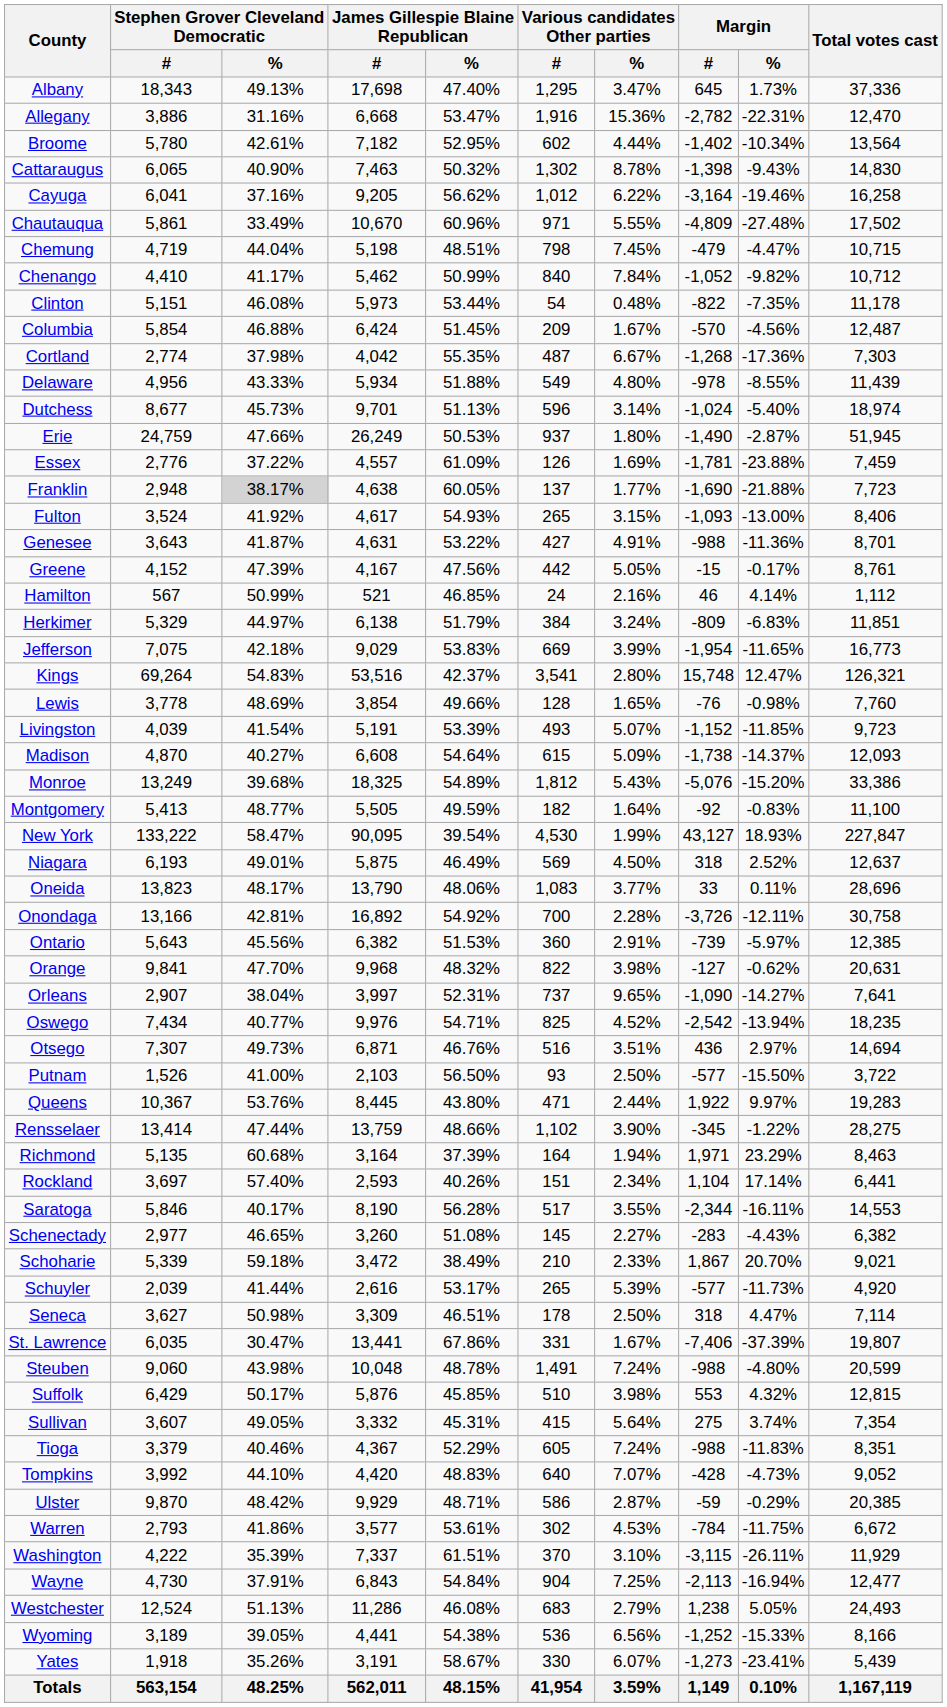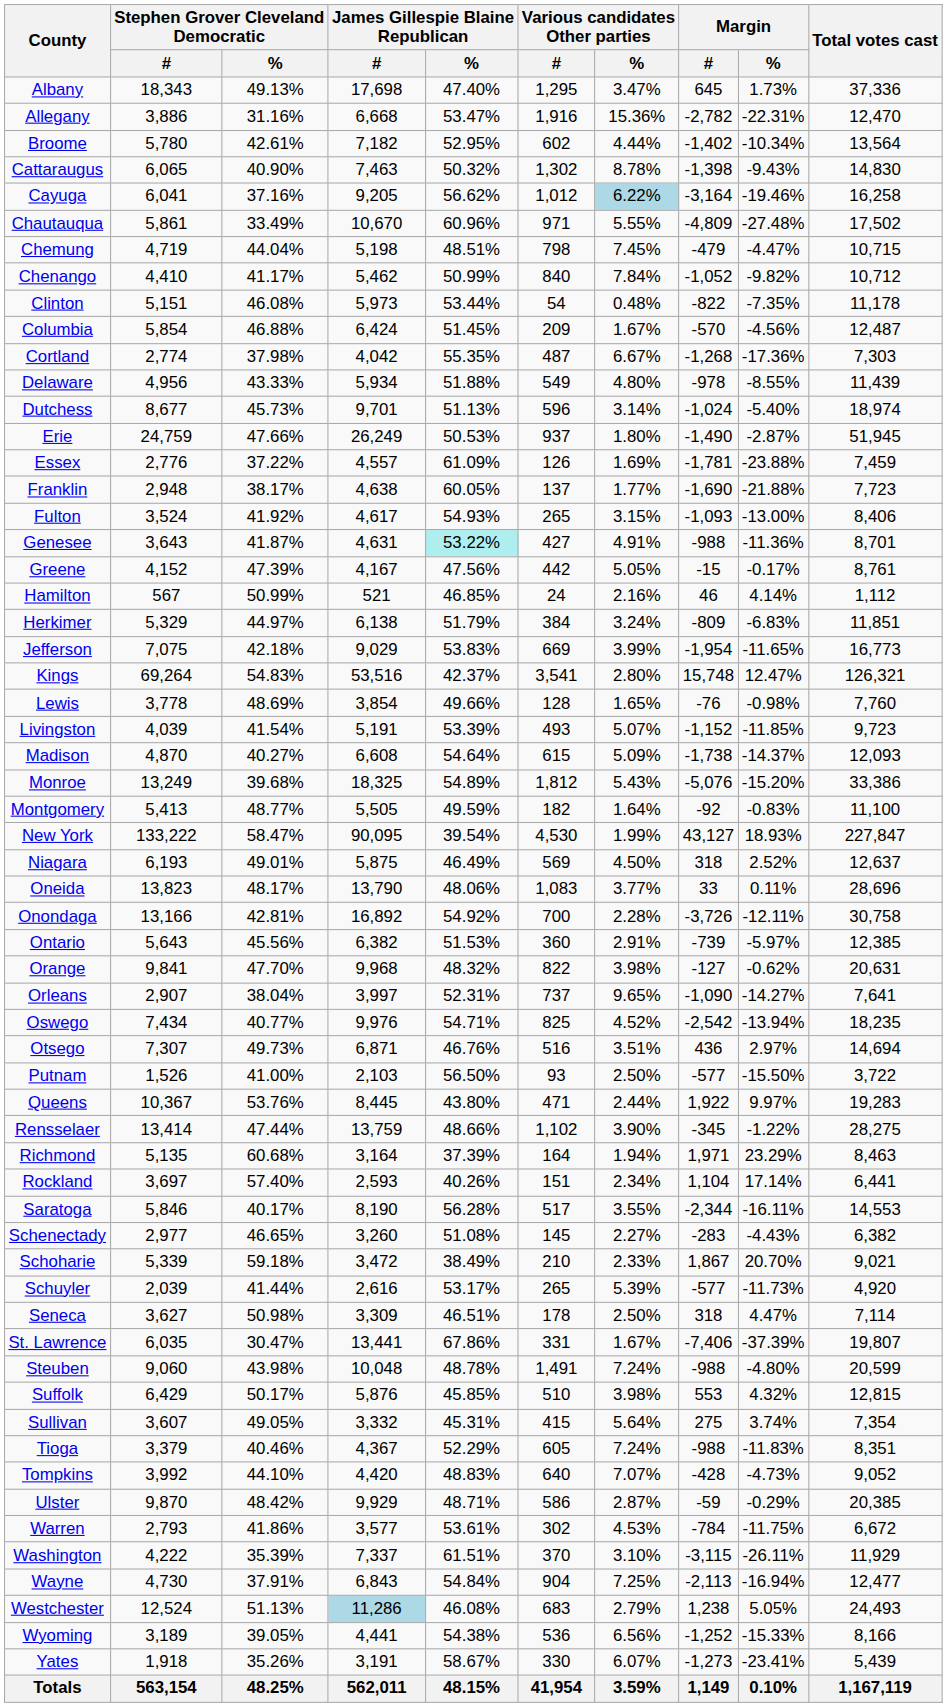 <table class="wikitable sortable">
 <tr>
 <th rowspan="2">County</th>
 <th colspan="2">Stephen Grover Cleveland<br>Democratic</th>
 <th colspan="2">James Gillespie Blaine<br>Republican</th>
 <th colspan="2">Various candidates<br>Other parties</th>
 <th colspan="2">Margin</th>
 <th rowspan="2" data-sort-type="number">Total votes cast</th>
 </tr>
 <tr>
 <th data-sort-type="number">#</th>
 <th data-sort-type="number">%</th>
 <th data-sort-type="number">#</th>
 <th data-sort-type="number">%</th>
 <th data-sort-type="number">#</th>
 <th data-sort-type="number">%</th>
 <th data-sort-type="number">#</th>
 <th data-sort-type="number">%</th>
 </tr>
 <tr style="text-align:center;">
 <td><a href='#'>Albany</a></td>
 <td>18,343</td>
 <td>49.13%</td>
 <td>17,698</td>
 <td>47.40%</td>
 <td>1,295</td>
 <td>3.47%</td>
 <td>645</td>
 <td>1.73%</td>
 <td>37,336</td>
 </tr>
 <tr style="text-align:center;">
 <td><a href='#'>Allegany</a></td>
 <td>3,886</td>
 <td>31.16%</td>
 <td>6,668</td>
 <td>53.47%</td>
 <td>1,916</td>
 <td>15.36%</td>
 <td>-2,782</td>
 <td>-22.31%</td>
 <td>12,470</td>
 </tr>
 <tr style="text-align:center;">
 <td><a href='#'>Broome</a></td>
 <td>5,780</td>
 <td>42.61%</td>
 <td>7,182</td>
 <td>52.95%</td>
 <td>602</td>
 <td>4.44%</td>
 <td>-1,402</td>
 <td>-10.34%</td>
 <td>13,564</td>
 </tr>
 <tr style="text-align:center;">
 <td><a href='#'>Cattaraugus</a></td>
 <td>6,065</td>
 <td>40.90%</td>
 <td>7,463</td>
 <td>50.32%</td>
 <td>1,302</td>
 <td>8.78%</td>
 <td>-1,398</td>
 <td>-9.43%</td>
 <td>14,830</td>
 </tr>
 <tr style="text-align:center;">
 <td><a href='#'>Cayuga</a></td>
 <td>6,041</td>
 <td>37.16%</td>
 <td>9,205</td>
 <td>56.62%</td>
 <td>1,012</td>
-<td>6.22%</td>
+<td style="background: lightblue;">6.22%</td>
 <td>-3,164</td>
 <td>-19.46%</td>
 <td>16,258</td>
 </tr>
 <tr style="text-align:center;">
 <td><a href='#'>Chautauqua</a></td>
 <td>5,861</td>
 <td>33.49%</td>
 <td>10,670</td>
 <td>60.96%</td>
 <td>971</td>
 <td>5.55%</td>
 <td>-4,809</td>
 <td>-27.48%</td>
 <td>17,502</td>
 </tr>
 <tr style="text-align:center;">
 <td><a href='#'>Chemung</a></td>
 <td>4,719</td>
 <td>44.04%</td>
 <td>5,198</td>
 <td>48.51%</td>
 <td>798</td>
 <td>7.45%</td>
 <td>-479</td>
 <td>-4.47%</td>
 <td>10,715</td>
 </tr>
 <tr style="text-align:center;">
 <td><a href='#'>Chenango</a></td>
 <td>4,410</td>
 <td>41.17%</td>
 <td>5,462</td>
 <td>50.99%</td>
 <td>840</td>
 <td>7.84%</td>
 <td>-1,052</td>
 <td>-9.82%</td>
 <td>10,712</td>
 </tr>
 <tr style="text-align:center;">
 <td><a href='#'>Clinton</a></td>
 <td>5,151</td>
 <td>46.08%</td>
 <td>5,973</td>
 <td>53.44%</td>
 <td>54</td>
 <td>0.48%</td>
 <td>-822</td>
 <td>-7.35%</td>
 <td>11,178</td>
 </tr>
 <tr style="text-align:center;">
 <td><a href='#'>Columbia</a></td>
 <td>5,854</td>
 <td>46.88%</td>
 <td>6,424</td>
 <td>51.45%</td>
 <td>209</td>
 <td>1.67%</td>
 <td>-570</td>
 <td>-4.56%</td>
 <td>12,487</td>
 </tr>
 <tr style="text-align:center;">
 <td><a href='#'>Cortland</a></td>
 <td>2,774</td>
 <td>37.98%</td>
 <td>4,042</td>
 <td>55.35%</td>
 <td>487</td>
 <td>6.67%</td>
 <td>-1,268</td>
 <td>-17.36%</td>
 <td>7,303</td>
 </tr>
 <tr style="text-align:center;">
 <td><a href='#'>Delaware</a></td>
 <td>4,956</td>
 <td>43.33%</td>
 <td>5,934</td>
 <td>51.88%</td>
 <td>549</td>
 <td>4.80%</td>
 <td>-978</td>
 <td>-8.55%</td>
 <td>11,439</td>
 </tr>
 <tr style="text-align:center;">
 <td><a href='#'>Dutchess</a></td>
 <td>8,677</td>
 <td>45.73%</td>
 <td>9,701</td>
 <td>51.13%</td>
 <td>596</td>
 <td>3.14%</td>
 <td>-1,024</td>
 <td>-5.40%</td>
 <td>18,974</td>
 </tr>
 <tr style="text-align:center;">
 <td><a href='#'>Erie</a></td>
 <td>24,759</td>
 <td>47.66%</td>
 <td>26,249</td>
 <td>50.53%</td>
 <td>937</td>
 <td>1.80%</td>
 <td>-1,490</td>
 <td>-2.87%</td>
 <td>51,945</td>
 </tr>
 <tr style="text-align:center;">
 <td><a href='#'>Essex</a></td>
 <td>2,776</td>
 <td>37.22%</td>
 <td>4,557</td>
 <td>61.09%</td>
 <td>126</td>
 <td>1.69%</td>
 <td>-1,781</td>
 <td>-23.88%</td>
 <td>7,459</td>
 </tr>
 <tr style="text-align:center;">
 <td><a href='#'>Franklin</a></td>
 <td>2,948</td>
-<td style="background: lightgrey;">38.17%</td>
+<td>38.17%</td>
 <td>4,638</td>
 <td>60.05%</td>
 <td>137</td>
 <td>1.77%</td>
 <td>-1,690</td>
 <td>-21.88%</td>
 <td>7,723</td>
 </tr>
 <tr style="text-align:center;">
 <td><a href='#'>Fulton</a></td>
 <td>3,524</td>
 <td>41.92%</td>
 <td>4,617</td>
 <td>54.93%</td>
 <td>265</td>
 <td>3.15%</td>
 <td>-1,093</td>
 <td>-13.00%</td>
 <td>8,406</td>
 </tr>
 <tr style="text-align:center;">
 <td><a href='#'>Genesee</a></td>
 <td>3,643</td>
 <td>41.87%</td>
 <td>4,631</td>
-<td>53.22%</td>
+<td style="background: paleturquoise;">53.22%</td>
 <td>427</td>
 <td>4.91%</td>
 <td>-988</td>
 <td>-11.36%</td>
 <td>8,701</td>
 </tr>
 <tr style="text-align:center;">
 <td><a href='#'>Greene</a></td>
 <td>4,152</td>
 <td>47.39%</td>
 <td>4,167</td>
 <td>47.56%</td>
 <td>442</td>
 <td>5.05%</td>
 <td>-15</td>
 <td>-0.17%</td>
 <td>8,761</td>
 </tr>
 <tr style="text-align:center;">
 <td><a href='#'>Hamilton</a></td>
 <td>567</td>
 <td>50.99%</td>
 <td>521</td>
 <td>46.85%</td>
 <td>24</td>
 <td>2.16%</td>
 <td>46</td>
 <td>4.14%</td>
 <td>1,112</td>
 </tr>
 <tr style="text-align:center;">
 <td><a href='#'>Herkimer</a></td>
 <td>5,329</td>
 <td>44.97%</td>
 <td>6,138</td>
 <td>51.79%</td>
 <td>384</td>
 <td>3.24%</td>
 <td>-809</td>
 <td>-6.83%</td>
 <td>11,851</td>
 </tr>
 <tr style="text-align:center;">
 <td><a href='#'>Jefferson</a></td>
 <td>7,075</td>
 <td>42.18%</td>
 <td>9,029</td>
 <td>53.83%</td>
 <td>669</td>
 <td>3.99%</td>
 <td>-1,954</td>
 <td>-11.65%</td>
 <td>16,773</td>
 </tr>
 <tr style="text-align:center;">
 <td><a href='#'>Kings</a></td>
 <td>69,264</td>
 <td>54.83%</td>
 <td>53,516</td>
 <td>42.37%</td>
 <td>3,541</td>
 <td>2.80%</td>
 <td>15,748</td>
 <td>12.47%</td>
 <td>126,321</td>
 </tr>
 <tr style="text-align:center;">
 <td><a href='#'>Lewis</a></td>
 <td>3,778</td>
 <td>48.69%</td>
 <td>3,854</td>
 <td>49.66%</td>
 <td>128</td>
 <td>1.65%</td>
 <td>-76</td>
 <td>-0.98%</td>
 <td>7,760</td>
 </tr>
 <tr style="text-align:center;">
 <td><a href='#'>Livingston</a></td>
 <td>4,039</td>
 <td>41.54%</td>
 <td>5,191</td>
 <td>53.39%</td>
 <td>493</td>
 <td>5.07%</td>
 <td>-1,152</td>
 <td>-11.85%</td>
 <td>9,723</td>
 </tr>
 <tr style="text-align:center;">
 <td><a href='#'>Madison</a></td>
 <td>4,870</td>
 <td>40.27%</td>
 <td>6,608</td>
 <td>54.64%</td>
 <td>615</td>
 <td>5.09%</td>
 <td>-1,738</td>
 <td>-14.37%</td>
 <td>12,093</td>
 </tr>
 <tr style="text-align:center;">
 <td><a href='#'>Monroe</a></td>
 <td>13,249</td>
 <td>39.68%</td>
 <td>18,325</td>
 <td>54.89%</td>
 <td>1,812</td>
 <td>5.43%</td>
 <td>-5,076</td>
 <td>-15.20%</td>
 <td>33,386</td>
 </tr>
 <tr style="text-align:center;">
 <td><a href='#'>Montgomery</a></td>
 <td>5,413</td>
 <td>48.77%</td>
 <td>5,505</td>
 <td>49.59%</td>
 <td>182</td>
 <td>1.64%</td>
 <td>-92</td>
 <td>-0.83%</td>
 <td>11,100</td>
 </tr>
 <tr style="text-align:center;">
 <td><a href='#'>New York</a></td>
 <td>133,222</td>
 <td>58.47%</td>
 <td>90,095</td>
 <td>39.54%</td>
 <td>4,530</td>
 <td>1.99%</td>
 <td>43,127</td>
 <td>18.93%</td>
 <td>227,847</td>
 </tr>
 <tr style="text-align:center;">
 <td><a href='#'>Niagara</a></td>
 <td>6,193</td>
 <td>49.01%</td>
 <td>5,875</td>
 <td>46.49%</td>
 <td>569</td>
 <td>4.50%</td>
 <td>318</td>
 <td>2.52%</td>
 <td>12,637</td>
 </tr>
 <tr style="text-align:center;">
 <td><a href='#'>Oneida</a></td>
 <td>13,823</td>
 <td>48.17%</td>
 <td>13,790</td>
 <td>48.06%</td>
 <td>1,083</td>
 <td>3.77%</td>
 <td>33</td>
 <td>0.11%</td>
 <td>28,696</td>
 </tr>
 <tr style="text-align:center;">
 <td><a href='#'>Onondaga</a></td>
 <td>13,166</td>
 <td>42.81%</td>
 <td>16,892</td>
 <td>54.92%</td>
 <td>700</td>
 <td>2.28%</td>
 <td>-3,726</td>
 <td>-12.11%</td>
 <td>30,758</td>
 </tr>
 <tr style="text-align:center;">
 <td><a href='#'>Ontario</a></td>
 <td>5,643</td>
 <td>45.56%</td>
 <td>6,382</td>
 <td>51.53%</td>
 <td>360</td>
 <td>2.91%</td>
 <td>-739</td>
 <td>-5.97%</td>
 <td>12,385</td>
 </tr>
 <tr style="text-align:center;">
 <td><a href='#'>Orange</a></td>
 <td>9,841</td>
 <td>47.70%</td>
 <td>9,968</td>
 <td>48.32%</td>
 <td>822</td>
 <td>3.98%</td>
 <td>-127</td>
 <td>-0.62%</td>
 <td>20,631</td>
 </tr>
 <tr style="text-align:center;">
 <td><a href='#'>Orleans</a></td>
 <td>2,907</td>
 <td>38.04%</td>
 <td>3,997</td>
 <td>52.31%</td>
 <td>737</td>
 <td>9.65%</td>
 <td>-1,090</td>
 <td>-14.27%</td>
 <td>7,641</td>
 </tr>
 <tr style="text-align:center;">
 <td><a href='#'>Oswego</a></td>
 <td>7,434</td>
 <td>40.77%</td>
 <td>9,976</td>
 <td>54.71%</td>
 <td>825</td>
 <td>4.52%</td>
 <td>-2,542</td>
 <td>-13.94%</td>
 <td>18,235</td>
 </tr>
 <tr style="text-align:center;">
 <td><a href='#'>Otsego</a></td>
 <td>7,307</td>
 <td>49.73%</td>
 <td>6,871</td>
 <td>46.76%</td>
 <td>516</td>
 <td>3.51%</td>
 <td>436</td>
 <td>2.97%</td>
 <td>14,694</td>
 </tr>
 <tr style="text-align:center;">
 <td><a href='#'>Putnam</a></td>
 <td>1,526</td>
 <td>41.00%</td>
 <td>2,103</td>
 <td>56.50%</td>
 <td>93</td>
 <td>2.50%</td>
 <td>-577</td>
 <td>-15.50%</td>
 <td>3,722</td>
 </tr>
 <tr style="text-align:center;">
 <td><a href='#'>Queens</a></td>
 <td>10,367</td>
 <td>53.76%</td>
 <td>8,445</td>
 <td>43.80%</td>
 <td>471</td>
 <td>2.44%</td>
 <td>1,922</td>
 <td>9.97%</td>
 <td>19,283</td>
 </tr>
 <tr style="text-align:center;">
 <td><a href='#'>Rensselaer</a></td>
 <td>13,414</td>
 <td>47.44%</td>
 <td>13,759</td>
 <td>48.66%</td>
 <td>1,102</td>
 <td>3.90%</td>
 <td>-345</td>
 <td>-1.22%</td>
 <td>28,275</td>
 </tr>
 <tr style="text-align:center;">
 <td><a href='#'>Richmond</a></td>
 <td>5,135</td>
 <td>60.68%</td>
 <td>3,164</td>
 <td>37.39%</td>
 <td>164</td>
 <td>1.94%</td>
 <td>1,971</td>
 <td>23.29%</td>
 <td>8,463</td>
 </tr>
 <tr style="text-align:center;">
 <td><a href='#'>Rockland</a></td>
 <td>3,697</td>
 <td>57.40%</td>
 <td>2,593</td>
 <td>40.26%</td>
 <td>151</td>
 <td>2.34%</td>
 <td>1,104</td>
 <td>17.14%</td>
 <td>6,441</td>
 </tr>
 <tr style="text-align:center;">
 <td><a href='#'>Saratoga</a></td>
 <td>5,846</td>
 <td>40.17%</td>
 <td>8,190</td>
 <td>56.28%</td>
 <td>517</td>
 <td>3.55%</td>
 <td>-2,344</td>
 <td>-16.11%</td>
 <td>14,553</td>
 </tr>
 <tr style="text-align:center;">
 <td><a href='#'>Schenectady</a></td>
 <td>2,977</td>
 <td>46.65%</td>
 <td>3,260</td>
 <td>51.08%</td>
 <td>145</td>
 <td>2.27%</td>
 <td>-283</td>
 <td>-4.43%</td>
 <td>6,382</td>
 </tr>
 <tr style="text-align:center;">
 <td><a href='#'>Schoharie</a></td>
 <td>5,339</td>
 <td>59.18%</td>
 <td>3,472</td>
 <td>38.49%</td>
 <td>210</td>
 <td>2.33%</td>
 <td>1,867</td>
 <td>20.70%</td>
 <td>9,021</td>
 </tr>
 <tr style="text-align:center;">
 <td><a href='#'>Schuyler</a></td>
 <td>2,039</td>
 <td>41.44%</td>
 <td>2,616</td>
 <td>53.17%</td>
 <td>265</td>
 <td>5.39%</td>
 <td>-577</td>
 <td>-11.73%</td>
 <td>4,920</td>
 </tr>
 <tr style="text-align:center;">
 <td><a href='#'>Seneca</a></td>
 <td>3,627</td>
 <td>50.98%</td>
 <td>3,309</td>
 <td>46.51%</td>
 <td>178</td>
 <td>2.50%</td>
 <td>318</td>
 <td>4.47%</td>
 <td>7,114</td>
 </tr>
 <tr style="text-align:center;">
 <td><a href='#'>St. Lawrence</a></td>
 <td>6,035</td>
 <td>30.47%</td>
 <td>13,441</td>
 <td>67.86%</td>
 <td>331</td>
 <td>1.67%</td>
 <td>-7,406</td>
 <td>-37.39%</td>
 <td>19,807</td>
 </tr>
 <tr style="text-align:center;">
 <td><a href='#'>Steuben</a></td>
 <td>9,060</td>
 <td>43.98%</td>
 <td>10,048</td>
 <td>48.78%</td>
 <td>1,491</td>
 <td>7.24%</td>
 <td>-988</td>
 <td>-4.80%</td>
 <td>20,599</td>
 </tr>
 <tr style="text-align:center;">
 <td><a href='#'>Suffolk</a></td>
 <td>6,429</td>
 <td>50.17%</td>
 <td>5,876</td>
 <td>45.85%</td>
 <td>510</td>
 <td>3.98%</td>
 <td>553</td>
 <td>4.32%</td>
 <td>12,815</td>
 </tr>
 <tr style="text-align:center;">
 <td><a href='#'>Sullivan</a></td>
 <td>3,607</td>
 <td>49.05%</td>
 <td>3,332</td>
 <td>45.31%</td>
 <td>415</td>
 <td>5.64%</td>
 <td>275</td>
 <td>3.74%</td>
 <td>7,354</td>
 </tr>
 <tr style="text-align:center;">
 <td><a href='#'>Tioga</a></td>
 <td>3,379</td>
 <td>40.46%</td>
 <td>4,367</td>
 <td>52.29%</td>
 <td>605</td>
 <td>7.24%</td>
 <td>-988</td>
 <td>-11.83%</td>
 <td>8,351</td>
 </tr>
 <tr style="text-align:center;">
 <td><a href='#'>Tompkins</a></td>
 <td>3,992</td>
 <td>44.10%</td>
 <td>4,420</td>
 <td>48.83%</td>
 <td>640</td>
 <td>7.07%</td>
 <td>-428</td>
 <td>-4.73%</td>
 <td>9,052</td>
 </tr>
 <tr style="text-align:center;">
 <td><a href='#'>Ulster</a></td>
 <td>9,870</td>
 <td>48.42%</td>
 <td>9,929</td>
 <td>48.71%</td>
 <td>586</td>
 <td>2.87%</td>
 <td>-59</td>
 <td>-0.29%</td>
 <td>20,385</td>
 </tr>
 <tr style="text-align:center;">
 <td><a href='#'>Warren</a></td>
 <td>2,793</td>
 <td>41.86%</td>
 <td>3,577</td>
 <td>53.61%</td>
 <td>302</td>
 <td>4.53%</td>
 <td>-784</td>
 <td>-11.75%</td>
 <td>6,672</td>
 </tr>
 <tr style="text-align:center;">
 <td><a href='#'>Washington</a></td>
 <td>4,222</td>
 <td>35.39%</td>
 <td>7,337</td>
 <td>61.51%</td>
 <td>370</td>
 <td>3.10%</td>
 <td>-3,115</td>
 <td>-26.11%</td>
 <td>11,929</td>
 </tr>
 <tr style="text-align:center;">
 <td><a href='#'>Wayne</a></td>
 <td>4,730</td>
 <td>37.91%</td>
 <td>6,843</td>
 <td>54.84%</td>
 <td>904</td>
 <td>7.25%</td>
 <td>-2,113</td>
 <td>-16.94%</td>
 <td>12,477</td>
 </tr>
 <tr style="text-align:center;">
 <td><a href='#'>Westchester</a></td>
 <td>12,524</td>
 <td>51.13%</td>
-<td>11,286</td>
+<td style="background: lightblue;">11,286</td>
 <td>46.08%</td>
 <td>683</td>
 <td>2.79%</td>
 <td>1,238</td>
 <td>5.05%</td>
 <td>24,493</td>
 </tr>
 <tr style="text-align:center;">
 <td><a href='#'>Wyoming</a></td>
 <td>3,189</td>
 <td>39.05%</td>
 <td>4,441</td>
 <td>54.38%</td>
 <td>536</td>
 <td>6.56%</td>
 <td>-1,252</td>
 <td>-15.33%</td>
 <td>8,166</td>
 </tr>
 <tr style="text-align:center;">
 <td><a href='#'>Yates</a></td>
 <td>1,918</td>
 <td>35.26%</td>
 <td>3,191</td>
 <td>58.67%</td>
 <td>330</td>
 <td>6.07%</td>
 <td>-1,273</td>
 <td>-23.41%</td>
 <td>5,439</td>
 </tr>
 <tr>
 <th>Totals</th>
 <th>563,154</th>
 <th>48.25%</th>
 <th>562,011</th>
 <th>48.15%</th>
 <th>41,954</th>
 <th>3.59%</th>
 <th>1,149</th>
 <th>0.10%</th>
 <th>1,167,119</th>
 </tr>
 </table>
